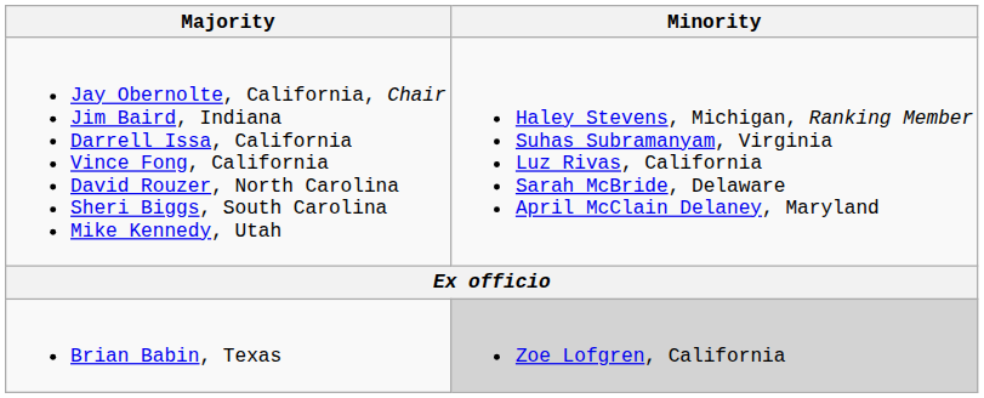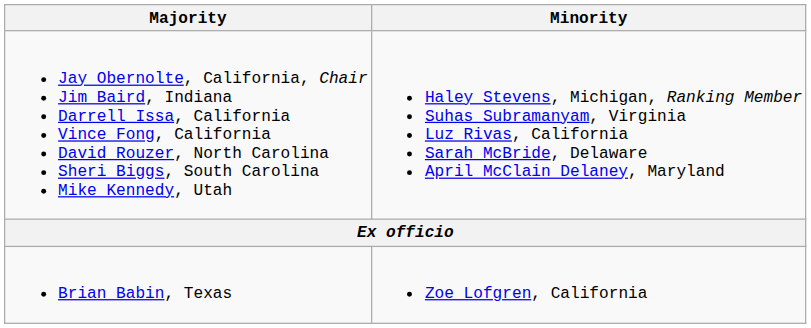 <table class=wikitable>
 <tr>
 <th>Majority</th>
 <th>Minority</th>
 </tr>
 <tr>
 <td><br><ul><li><a href='#'>Jay Obernolte</a>, California, <em>Chair</em></li><li><a href='#'>Jim Baird</a>, Indiana</li><li><a href='#'>Darrell Issa</a>, California</li><li><a href='#'>Vince Fong</a>, California</li><li><a href='#'>David Rouzer</a>, North Carolina</li><li><a href='#'>Sheri Biggs</a>, South Carolina</li><li><a href='#'>Mike Kennedy</a>, Utah</li></ul></td>
 <td><br><ul><li><a href='#'>Haley Stevens</a>, Michigan, <em>Ranking Member</em></li><li><a href='#'>Suhas Subramanyam</a>, Virginia</li><li><a href='#'>Luz Rivas</a>, California</li><li><a href='#'>Sarah McBride</a>, Delaware</li><li><a href='#'>April McClain Delaney</a>, Maryland</li></ul></td>
 </tr>
 <tr>
 <th colspan=2><em>Ex officio</em></th>
 </tr>
 <tr>
 <td><br><ul><li><a href='#'>Brian Babin</a>, Texas</li></ul></td>
-<td style="background: lightgrey;"><br><ul><li><a href='#'>Zoe Lofgren</a>, California</li></ul></td>
+<td><br><ul><li><a href='#'>Zoe Lofgren</a>, California</li></ul></td>
 </tr>
 </table>
